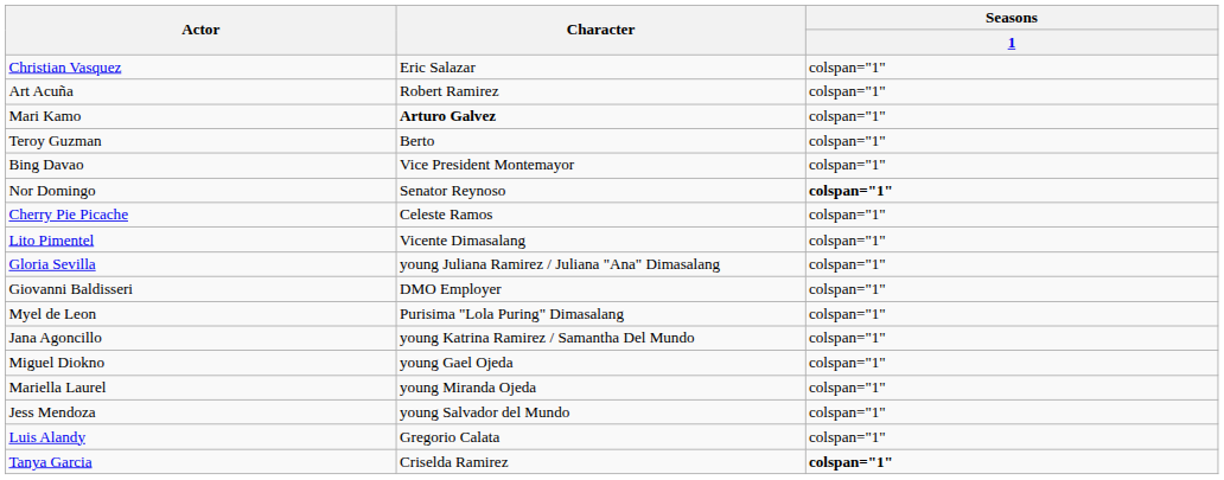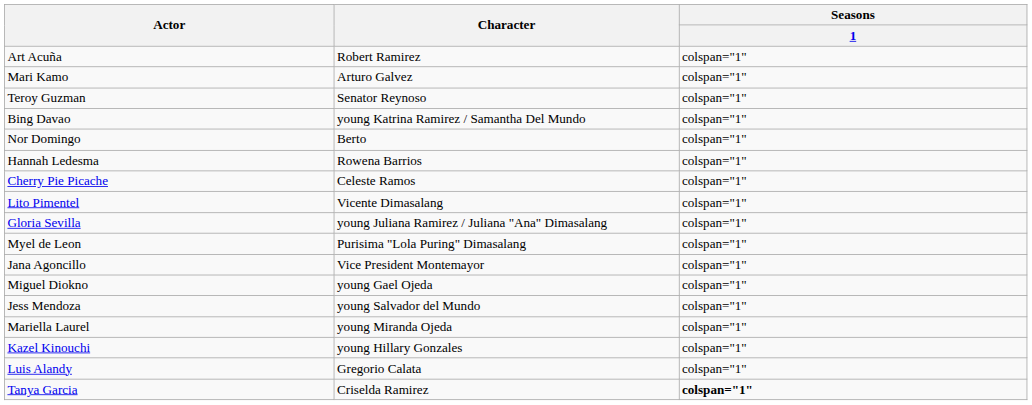 <table class="wikitable">
 <tr>
 <th style="width:5%;" rowspan="2">Actor</th>
 <th style="width:5%;" rowspan="2">Character</th>
 <th colspan="1">Seasons</th>
 </tr>
 <tr>
 <th style="width:5%;"><a href='#'>1</a></th>
 </tr>
 <tr>
-<td><a href='#'>Christian Vasquez</a></td>
-<td>Eric Salazar</td>
-<td>colspan="1" </td>
-</tr>
-<tr>
 <td>Art Acuña</td>
 <td>Robert Ramirez</td>
 <td>colspan="1" </td>
 </tr>
 <tr>
 <td>Mari Kamo</td>
-<td><strong>Arturo Galvez</strong></td>
+<td>Arturo Galvez</td>
 <td>colspan="1" </td>
 </tr>
 <tr>
 <td>Teroy Guzman</td>
+<td>Senator Reynoso</td>
+<td>colspan="1" </td>
+</tr>
+<tr>
+<td>Bing Davao</td>
+<td>young Katrina Ramirez / Samantha Del Mundo</td>
+<td>colspan="1" </td>
+</tr>
+<tr>
+<td>Nor Domingo</td>
 <td>Berto</td>
 <td>colspan="1" </td>
 </tr>
 <tr>
-<td>Bing Davao</td>
-<td>Vice President Montemayor</td>
+<td>Hannah Ledesma</td>
+<td>Rowena Barrios</td>
 <td>colspan="1" </td>
-</tr>
-<tr>
-<td>Nor Domingo</td>
-<td>Senator Reynoso</td>
-<td><strong>colspan="1" </strong></td>
 </tr>
 <tr>
 <td><a href='#'>Cherry Pie Picache</a></td>
 <td>Celeste Ramos</td>
 <td>colspan="1" </td>
 </tr>
 <tr>
 <td><a href='#'>Lito Pimentel</a></td>
 <td>Vicente Dimasalang</td>
 <td>colspan="1" </td>
 </tr>
 <tr>
 <td><a href='#'>Gloria Sevilla</a></td>
 <td>young Juliana Ramirez / Juliana "Ana" Dimasalang</td>
 <td>colspan="1" </td>
 </tr>
 <tr>
-<td>Giovanni Baldisseri</td>
-<td>DMO Employer</td>
-<td>colspan="1" </td>
-</tr>
-<tr>
 <td>Myel de Leon</td>
 <td>Purisima "Lola Puring" Dimasalang</td>
 <td>colspan="1" </td>
 </tr>
 <tr>
 <td>Jana Agoncillo</td>
-<td>young Katrina Ramirez / Samantha Del Mundo</td>
+<td>Vice President Montemayor</td>
 <td>colspan="1" </td>
 </tr>
 <tr>
 <td>Miguel Diokno</td>
 <td>young Gael Ojeda</td>
 <td>colspan="1" </td>
 </tr>
 <tr>
+<td>Jess Mendoza</td>
+<td>young Salvador del Mundo</td>
+<td>colspan="1" </td>
+</tr>
+<tr>
 <td>Mariella Laurel</td>
 <td>young Miranda Ojeda</td>
 <td>colspan="1" </td>
 </tr>
 <tr>
-<td>Jess Mendoza</td>
-<td>young Salvador del Mundo</td>
+<td><a href='#'>Kazel Kinouchi</a></td>
+<td>young Hillary Gonzales</td>
 <td>colspan="1" </td>
 </tr>
 <tr>
 <td><a href='#'>Luis Alandy</a></td>
 <td>Gregorio Calata</td>
 <td>colspan="1" </td>
 </tr>
 <tr>
 <td><a href='#'>Tanya Garcia</a></td>
 <td>Criselda Ramirez</td>
 <td><strong>colspan="1" </strong></td>
 </tr>
 </table>
